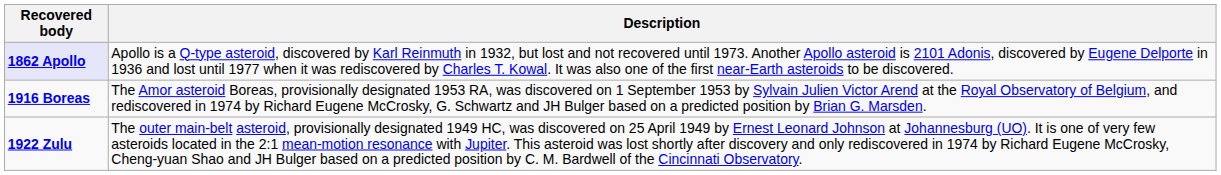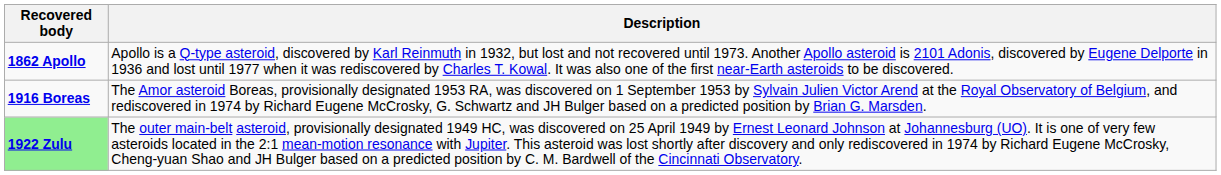 <table class="wikitable" style="font-size: 0.9em">
 <tr>
 <th style="width: 100px">Recovered body</th>
 <th>Description</th>
 </tr>
 <tr>
-<td style="background: lavender;"><strong><a href='#'>1862 Apollo</a></strong></td>
+<td><strong><a href='#'>1862 Apollo</a></strong></td>
 <td>Apollo is a <a href='#'>Q-type asteroid</a>, discovered by <a href='#'>Karl Reinmuth</a> in 1932, but lost and not recovered until 1973. Another <a href='#'>Apollo asteroid</a> is <a href='#'>2101 Adonis</a>, discovered by <a href='#'>Eugene Delporte</a> in 1936 and lost until 1977 when it was rediscovered by <a href='#'>Charles T. Kowal</a>. It was also one of the first <a href='#'>near-Earth asteroids</a> to be discovered.</td>
 </tr>
 <tr>
 <td><strong><a href='#'>1916 Boreas</a></strong></td>
 <td>The <a href='#'>Amor asteroid</a> Boreas, provisionally designated 1953 RA, was discovered on 1 September 1953 by <a href='#'>Sylvain Julien Victor Arend</a> at the <a href='#'>Royal Observatory of Belgium</a>, and rediscovered in 1974 by Richard Eugene McCrosky, G. Schwartz and JH Bulger based on a predicted position by <a href='#'>Brian G. Marsden</a>.</td>
 </tr>
 <tr>
-<td><strong><a href='#'>1922 Zulu</a></strong></td>
+<td style="background: lightgreen;"><strong><a href='#'>1922 Zulu</a></strong></td>
 <td>The <a href='#'>outer main-belt</a> <a href='#'>asteroid</a>, provisionally designated 1949 HC, was discovered on 25 April 1949 by <a href='#'>Ernest Leonard Johnson</a> at <a href='#'>Johannesburg (UO)</a>. It is one of very few asteroids located in the 2:1 <a href='#'>mean-motion resonance</a> with <a href='#'>Jupiter</a>. This asteroid was lost shortly after discovery and only rediscovered in 1974 by Richard Eugene McCrosky, Cheng-yuan Shao and JH Bulger based on a predicted position by C. M. Bardwell of the <a href='#'>Cincinnati Observatory</a>.</td>
 </tr>
 </table>
